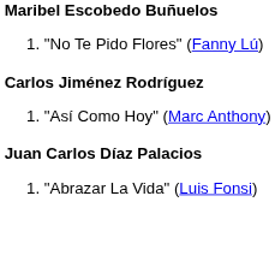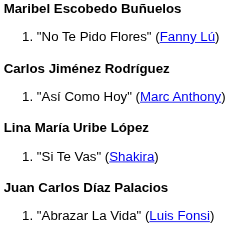 <table border="0" cellpadding="0" cellspacing="4" style="margin:0 1em 1em 0; text-align:left;">
 <tr>
 <td valign="top"></td>
 <td valign="top"><strong>Maribel Escobedo Buñuelos</strong><br><ol><li>"No Te Pido Flores" (<a href='#'>Fanny Lú</a>)</li></ol></td>
 </tr>
 <tr>
 <td valign="top"></td>
 <td valign="top"><strong>Carlos Jiménez Rodríguez</strong><br><ol><li>"Así Como Hoy" (<a href='#'>Marc Anthony</a>)</li></ol></td>
 </tr>
 <tr>
 <td valign="top"></td>
+<td valign="top"><strong>Lina María Uribe López</strong><br><ol><li>"Si Te Vas" (<a href='#'>Shakira</a>)</li></ol></td>
+</tr>
+<tr>
+<td valign="top"></td>
 <td valign="top"><strong>Juan Carlos Díaz Palacios</strong><br><ol><li>"Abrazar La Vida" (<a href='#'>Luis Fonsi</a>)</li></ol></td>
 </tr>
 </table>
